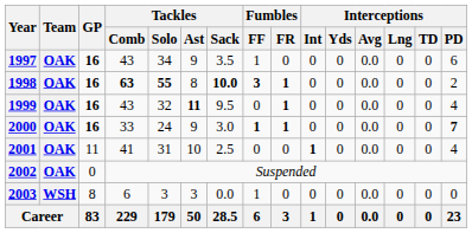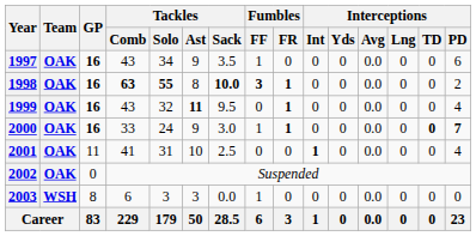 <table class="wikitable" style="text-align:center">
 <tr>
 <th rowspan="2">Year</th>
 <th rowspan="2">Team</th>
 <th rowspan="2">GP</th>
 <th colspan="4">Tackles</th>
 <th colspan="2">Fumbles</th>
 <th colspan="6">Interceptions</th>
 </tr>
 <tr>
 <th>Comb</th>
 <th>Solo</th>
 <th>Ast</th>
 <th>Sack</th>
 <th>FF</th>
 <th>FR</th>
 <th>Int</th>
 <th>Yds</th>
 <th>Avg</th>
 <th>Lng</th>
 <th>TD</th>
 <th>PD</th>
 </tr>
 <tr>
 <th><a href='#'>1997</a></th>
 <th><a href='#'>OAK</a></th>
 <td><strong>16</strong></td>
 <td>43</td>
 <td>34</td>
 <td>9</td>
 <td>3.5</td>
 <td>1</td>
 <td>0</td>
 <td>0</td>
 <td>0</td>
 <td>0.0</td>
 <td>0</td>
 <td>0</td>
 <td>6</td>
 </tr>
 <tr>
 <th><a href='#'>1998</a></th>
 <th><a href='#'>OAK</a></th>
 <td><strong>16</strong></td>
 <td><strong>63</strong></td>
 <td><strong>55</strong></td>
 <td>8</td>
 <td><strong>10.0</strong></td>
 <td><strong>3</strong></td>
 <td><strong>1</strong></td>
 <td>0</td>
 <td>0</td>
 <td>0.0</td>
 <td>0</td>
 <td>0</td>
 <td>2</td>
 </tr>
 <tr>
 <th><a href='#'>1999</a></th>
 <th><a href='#'>OAK</a></th>
 <td><strong>16</strong></td>
 <td>43</td>
 <td>32</td>
 <td><strong>11</strong></td>
 <td>9.5</td>
 <td>0</td>
 <td><strong>1</strong></td>
 <td>0</td>
 <td>0</td>
 <td>0.0</td>
 <td>0</td>
 <td>0</td>
 <td>4</td>
 </tr>
 <tr>
 <th><a href='#'>2000</a></th>
 <th><a href='#'>OAK</a></th>
 <td><strong>16</strong></td>
 <td>33</td>
 <td>24</td>
 <td>9</td>
 <td>3.0</td>
-<td><strong>1</strong></td>
+<td>1</td>
 <td><strong>1</strong></td>
 <td>0</td>
 <td>0</td>
 <td>0.0</td>
 <td>0</td>
-<td>0</td>
+<td><strong>0</strong></td>
 <td><strong>7</strong></td>
 </tr>
 <tr>
 <th><a href='#'>2001</a></th>
 <th><a href='#'>OAK</a></th>
 <td>11</td>
 <td>41</td>
 <td>31</td>
 <td>10</td>
 <td>2.5</td>
 <td>0</td>
 <td>0</td>
 <td><strong>1</strong></td>
 <td>0</td>
 <td>0.0</td>
 <td>0</td>
 <td>0</td>
 <td>4</td>
 </tr>
 <tr>
 <th><a href='#'>2002</a></th>
 <th><a href='#'>OAK</a></th>
 <td>0</td>
 <td colspan="12"><em>Suspended</em></td>
 </tr>
 <tr>
 <th><a href='#'>2003</a></th>
 <th><a href='#'>WSH</a></th>
 <td>8</td>
 <td>6</td>
 <td>3</td>
 <td>3</td>
 <td>0.0</td>
 <td>1</td>
 <td>0</td>
 <td>0</td>
 <td>0</td>
 <td>0.0</td>
 <td>0</td>
 <td>0</td>
 <td>0</td>
 </tr>
 <tr>
 <th colspan="2">Career</th>
 <th>83</th>
 <th>229</th>
 <th>179</th>
 <th>50</th>
 <th>28.5</th>
 <th>6</th>
 <th>3</th>
 <th>1</th>
 <th>0</th>
 <th>0.0</th>
 <th>0</th>
 <th>0</th>
 <th>23</th>
 </tr>
 </table>
